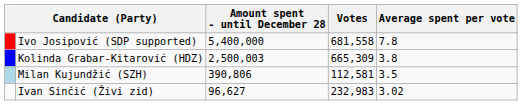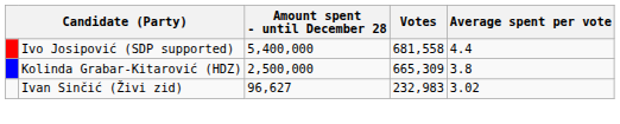 <table class="wikitable sortable" style="font:bold">
 <tr>
 <th colspan=2>Candidate (Party)</th>
 <th>Amount spent<br>- until December 28 </th>
 <th>Votes</th>
 <th>Average spent per vote</th>
 </tr>
 <tr>
 <td style="background: red"> </td>
 <td>Ivo Josipović (SDP supported)</td>
 <td>5,400,000</td>
 <td>681,558</td>
-<td>7.8</td>
+<td>4.4</td>
 </tr>
 <tr>
 <td style="background: blue"> </td>
 <td>Kolinda Grabar-Kitarović (HDZ)</td>
-<td>2,500,003</td>
+<td>2,500,000</td>
 <td>665,309</td>
 <td>3.8</td>
-</tr>
-<tr>
-<td style="background: lightblue"> </td>
-<td>Milan Kujundžić (SZH)</td>
-<td>390,806</td>
-<td>112,581</td>
-<td>3.5</td>
 </tr>
 <tr>
 <td style="background-color:"> </td>
 <td>Ivan Sinčić (Živi zid)</td>
 <td>96,627</td>
 <td>232,983</td>
 <td>3.02</td>
 </tr>
 </table>
